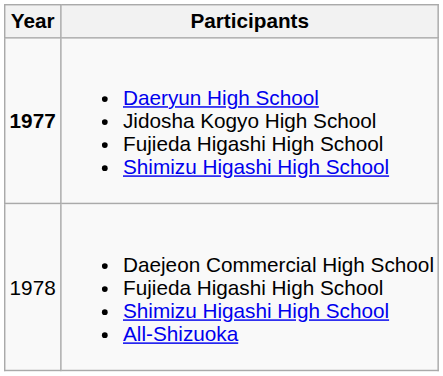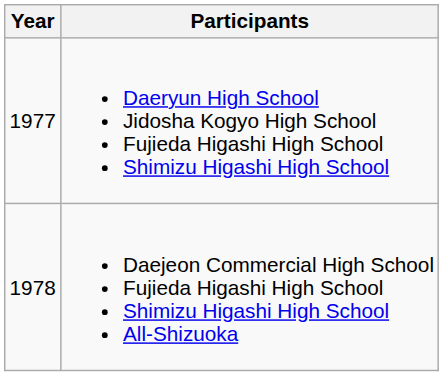 <table class="wikitable" style="text-align:left; font-size:90%;">
 <tr>
 <th>Year</th>
 <th colspan="4">Participants</th>
 </tr>
 <tr>
-<td><strong>1977</strong></td>
+<td>1977</td>
 <td><br><ul><li> <a href='#'>Daeryun High School</a></li><li> Jidosha Kogyo High School</li><li> Fujieda Higashi High School</li><li> <a href='#'>Shimizu Higashi High School</a></li></ul></td>
 </tr>
 <tr>
 <td>1978</td>
 <td><br><ul><li> Daejeon Commercial High School</li><li> Fujieda Higashi High School</li><li> <a href='#'>Shimizu Higashi High School</a></li><li> <a href='#'>All-Shizuoka</a></li></ul></td>
 </tr>
 </table>
